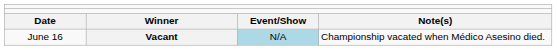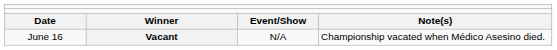 <table class="wikitable" style="text-align:center; width:100%;">
 <tr>
 <td colspan=5></td>
 </tr>
 <tr>
 <td colspan=5><strong></strong></td>
 </tr>
 <tr>
 <th width=14%>Date</th>
 <th width=26%>Winner</th>
 <th width=14%>Event/Show</th>
 <th width=40%>Note(s)</th>
 </tr>
 <tr>
 <td>June 16</td>
 <th>Vacant</th>
-<td style="background: lightblue;">N/A</td>
+<td>N/A</td>
 <td align=left>Championship vacated when Médico Asesino died.</td>
 </tr>
 </table>
